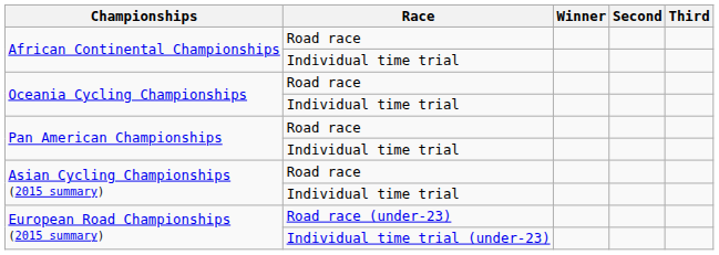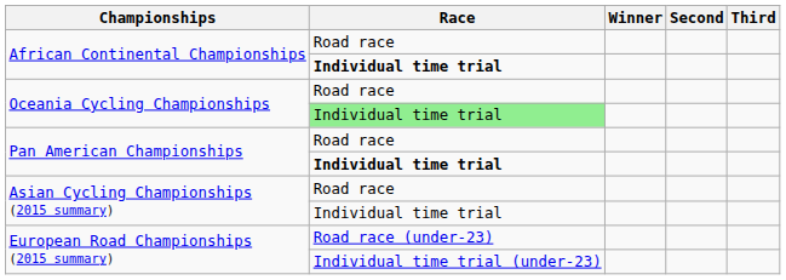 <table class="wikitable sortable">
 <tr>
 <th>Championships</th>
 <th>Race</th>
 <th>Winner</th>
 <th>Second</th>
 <th>Third</th>
 </tr>
 <tr>
 <td rowspan=2><a href='#'>African Continental Championships</a><br></td>
 <td>Road race</td>
 <td></td>
 <td></td>
 <td></td>
 </tr>
 <tr>
-<td>Individual time trial </td>
+<td><strong>Individual time trial </strong></td>
 <td></td>
 <td></td>
 <td></td>
 </tr>
 <tr>
 <td rowspan=2><a href='#'>Oceania Cycling Championships</a><br></td>
 <td>Road race</td>
 <td></td>
 <td></td>
 <td></td>
 </tr>
 <tr>
-<td>Individual time trial </td>
+<td style="background: lightgreen;">Individual time trial </td>
 <td></td>
 <td></td>
 <td></td>
 </tr>
 <tr>
 <td rowspan=2><a href='#'>Pan American Championships</a><br></td>
 <td>Road race</td>
 <td></td>
 <td></td>
 <td></td>
 </tr>
 <tr>
-<td>Individual time trial </td>
+<td><strong>Individual time trial </strong></td>
 <td></td>
 <td></td>
 <td></td>
 </tr>
 <tr>
 <td rowspan=2><a href='#'>Asian Cycling Championships</a><br> <small>(<a href='#'>2015 summary</a>)</small></td>
 <td>Road race</td>
 <td></td>
 <td></td>
 <td></td>
 </tr>
 <tr>
 <td>Individual time trial </td>
 <td></td>
 <td></td>
 <td></td>
 </tr>
 <tr>
 <td rowspan=2><a href='#'>European Road Championships</a><br> <small>(<a href='#'>2015 summary</a>)</small></td>
 <td><a href='#'>Road race (under-23)</a></td>
 <td></td>
 <td></td>
 <td></td>
 </tr>
 <tr>
 <td><a href='#'>Individual time trial (under-23)</a> </td>
 <td></td>
 <td></td>
 <td></td>
 </tr>
 </table>
